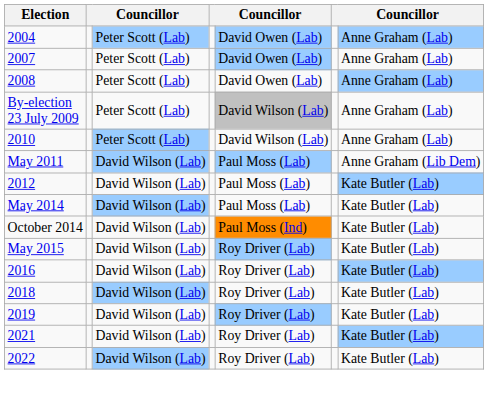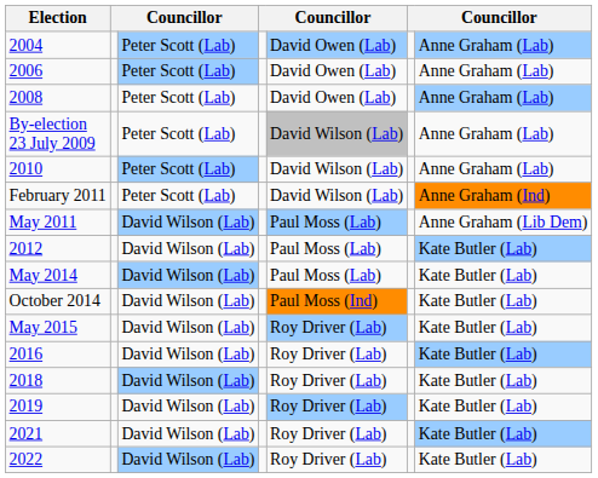 <table class="wikitable">
 <tr>
 <th>Election</th>
 <th colspan="2">Councillor</th>
 <th colspan="2">Councillor</th>
 <th colspan="2">Councillor</th>
 </tr>
 <tr>
 <td><a href='#'>2004</a></td>
 <td style="background-color: "></td>
 <td bgcolor="#99CCFF">Peter Scott (<a href='#'>Lab</a>)</td>
 <td style="background-color: "></td>
 <td bgcolor="#99CCFF">David Owen (<a href='#'>Lab</a>)</td>
 <td style="background-color: "></td>
 <td bgcolor="#99CCFF">Anne Graham (<a href='#'>Lab</a>)</td>
 </tr>
 <tr>
-<td><a href='#'>2007</a></td>
+<td><a href='#'>2006</a></td>
 <td style="background-color: "></td>
-<td>Peter Scott (<a href='#'>Lab</a>)</td>
+<td bgcolor="#99CCFF">Peter Scott (<a href='#'>Lab</a>)</td>
 <td style="background-color: "></td>
-<td bgcolor="#99CCFF">David Owen (<a href='#'>Lab</a>)</td>
+<td>David Owen (<a href='#'>Lab</a>)</td>
 <td style="background-color: "></td>
 <td>Anne Graham (<a href='#'>Lab</a>)</td>
 </tr>
 <tr>
 <td><a href='#'>2008</a></td>
 <td style="background-color: "></td>
 <td>Peter Scott (<a href='#'>Lab</a>)</td>
 <td style="background-color: "></td>
 <td>David Owen (<a href='#'>Lab</a>)</td>
 <td style="background-color: "></td>
 <td bgcolor="#99CCFF">Anne Graham (<a href='#'>Lab</a>)</td>
 </tr>
 <tr>
 <td><a href='#'>By-election<br>23 July 2009</a></td>
 <td style="background-color: "></td>
 <td>Peter Scott (<a href='#'>Lab</a>)</td>
 <td style="background-color: "></td>
 <td bgcolor="#C0C0C0">David Wilson (<a href='#'>Lab</a>)</td>
 <td style="background-color: "></td>
 <td>Anne Graham (<a href='#'>Lab</a>)</td>
 </tr>
 <tr>
 <td><a href='#'>2010</a></td>
 <td style="background-color: "></td>
 <td bgcolor="#99CCFF">Peter Scott (<a href='#'>Lab</a>)</td>
 <td style="background-color: "></td>
 <td>David Wilson (<a href='#'>Lab</a>)</td>
 <td style="background-color: "></td>
 <td>Anne Graham (<a href='#'>Lab</a>)</td>
+</tr>
+<tr>
+<td>February 2011</td>
+<td style="background-color: "></td>
+<td>Peter Scott (<a href='#'>Lab</a>)</td>
+<td style="background-color: "></td>
+<td>David Wilson (<a href='#'>Lab</a>)</td>
+<td style="background-color: "></td>
+<td bgcolor="#FF8C00">Anne Graham (<a href='#'>Ind</a>)</td>
 </tr>
 <tr>
 <td><a href='#'>May 2011</a></td>
 <td style="background-color: "></td>
 <td bgcolor="#99CCFF">David Wilson (<a href='#'>Lab</a>)</td>
 <td style="background-color: "></td>
 <td bgcolor="#99CCFF">Paul Moss (<a href='#'>Lab</a>)</td>
 <td style="background-color: "></td>
 <td>Anne Graham (<a href='#'>Lib Dem</a>)</td>
 </tr>
 <tr>
 <td><a href='#'>2012</a></td>
 <td style="background-color: "></td>
 <td>David Wilson (<a href='#'>Lab</a>)</td>
 <td style="background-color: "></td>
 <td>Paul Moss (<a href='#'>Lab</a>)</td>
 <td style="background-color: "></td>
 <td bgcolor="#99CCFF">Kate Butler (<a href='#'>Lab</a>)</td>
 </tr>
 <tr>
 <td><a href='#'>May 2014</a></td>
 <td style="background-color: "></td>
 <td bgcolor="#99CCFF">David Wilson (<a href='#'>Lab</a>)</td>
 <td style="background-color: "></td>
 <td>Paul Moss (<a href='#'>Lab</a>)</td>
 <td style="background-color: "></td>
 <td>Kate Butler (<a href='#'>Lab</a>)</td>
 </tr>
 <tr>
 <td>October 2014</td>
 <td style="background-color: "></td>
 <td>David Wilson (<a href='#'>Lab</a>)</td>
 <td style="background-color: "></td>
 <td bgcolor="#FF8C00">Paul Moss (<a href='#'>Ind</a>)</td>
 <td style="background-color: "></td>
 <td>Kate Butler (<a href='#'>Lab</a>)</td>
 </tr>
 <tr>
 <td><a href='#'>May 2015</a></td>
 <td style="background-color: "></td>
 <td>David Wilson (<a href='#'>Lab</a>)</td>
 <td style="background-color: "></td>
 <td bgcolor="#99CCFF">Roy Driver (<a href='#'>Lab</a>)</td>
 <td style="background-color: "></td>
 <td>Kate Butler (<a href='#'>Lab</a>)</td>
 </tr>
 <tr>
 <td><a href='#'>2016</a></td>
 <td style="background-color: "></td>
 <td>David Wilson (<a href='#'>Lab</a>)</td>
 <td style="background-color: "></td>
 <td>Roy Driver (<a href='#'>Lab</a>)</td>
 <td style="background-color: "></td>
 <td bgcolor="#99CCFF">Kate Butler (<a href='#'>Lab</a>)</td>
 </tr>
 <tr>
 <td><a href='#'>2018</a></td>
 <td style="background-color: "></td>
 <td bgcolor="#99CCFF">David Wilson (<a href='#'>Lab</a>)</td>
 <td style="background-color: "></td>
 <td>Roy Driver (<a href='#'>Lab</a>)</td>
 <td style="background-color: "></td>
 <td>Kate Butler (<a href='#'>Lab</a>)</td>
 </tr>
 <tr>
 <td><a href='#'>2019</a></td>
 <td style="background-color: "></td>
 <td>David Wilson (<a href='#'>Lab</a>)</td>
 <td style="background-color: "></td>
 <td bgcolor="#99CCFF">Roy Driver (<a href='#'>Lab</a>)</td>
 <td style="background-color: "></td>
 <td>Kate Butler (<a href='#'>Lab</a>)</td>
 </tr>
 <tr>
 <td><a href='#'>2021</a></td>
 <td style="background-color: "></td>
 <td>David Wilson (<a href='#'>Lab</a>)</td>
 <td style="background-color: "></td>
 <td>Roy Driver (<a href='#'>Lab</a>)</td>
 <td style="background-color: "></td>
 <td bgcolor="#99CCFF">Kate Butler (<a href='#'>Lab</a>)</td>
 </tr>
 <tr>
 <td><a href='#'>2022</a></td>
 <td style="background-color: "></td>
 <td bgcolor="#99CCFF">David Wilson (<a href='#'>Lab</a>)</td>
 <td style="background-color: "></td>
 <td>Roy Driver (<a href='#'>Lab</a>)</td>
 <td style="background-color: "></td>
 <td>Kate Butler (<a href='#'>Lab</a>)</td>
 </tr>
 </table>
